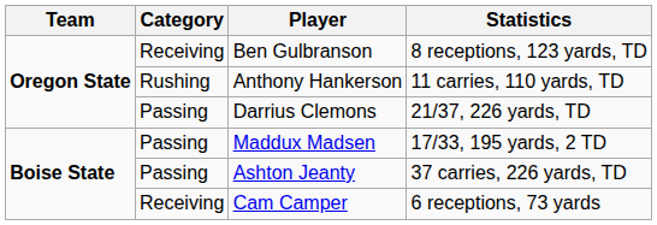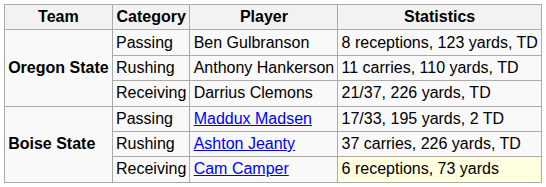 <table class="wikitable" style="float: right;">
 <tr>
 <th>Team</th>
 <th>Category</th>
 <th>Player</th>
 <th>Statistics</th>
 </tr>
 <tr>
 <td rowspan=3><strong>Oregon State</strong></td>
-<td>Receiving</td>
+<td>Passing</td>
 <td>Ben Gulbranson</td>
 <td>8 receptions, 123 yards, TD</td>
 </tr>
 <tr>
 <td>Rushing</td>
 <td>Anthony Hankerson</td>
 <td>11 carries, 110 yards, TD</td>
 </tr>
 <tr>
-<td>Passing</td>
+<td>Receiving</td>
 <td>Darrius Clemons</td>
 <td>21/37, 226 yards, TD</td>
 </tr>
 <tr>
 <td rowspan=3><strong>Boise State</strong></td>
 <td>Passing</td>
 <td><a href='#'>Maddux Madsen</a></td>
 <td>17/33, 195 yards, 2 TD</td>
 </tr>
 <tr>
-<td>Passing</td>
+<td>Rushing</td>
 <td><a href='#'>Ashton Jeanty</a></td>
 <td>37 carries, 226 yards, TD</td>
 </tr>
 <tr>
 <td>Receiving</td>
 <td><a href='#'>Cam Camper</a></td>
-<td>6 receptions, 73 yards</td>
+<td style="background: lightyellow;">6 receptions, 73 yards</td>
 </tr>
 </table>
